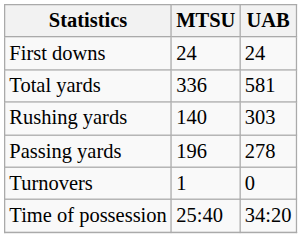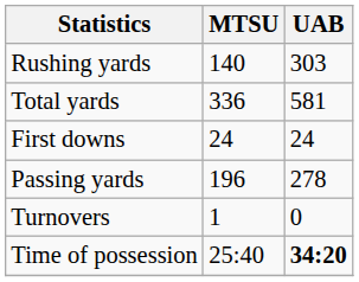 <table class="wikitable">
 <tr>
 <th>Statistics</th>
 <th>MTSU</th>
 <th>UAB</th>
 </tr>
 <tr>
-<td>First downs</td>
-<td>24</td>
-<td>24</td>
+<td>Rushing yards</td>
+<td>140</td>
+<td>303</td>
 </tr>
 <tr>
 <td>Total yards</td>
 <td>336</td>
 <td>581</td>
 </tr>
 <tr>
-<td>Rushing yards</td>
-<td>140</td>
-<td>303</td>
+<td>First downs</td>
+<td>24</td>
+<td>24</td>
 </tr>
 <tr>
 <td>Passing yards</td>
 <td>196</td>
 <td>278</td>
 </tr>
 <tr>
 <td>Turnovers</td>
 <td>1</td>
 <td>0</td>
 </tr>
 <tr>
 <td>Time of possession</td>
 <td>25:40</td>
-<td>34:20</td>
+<td><strong>34:20</strong></td>
 </tr>
 <tr>
 </tr>
 </table>
